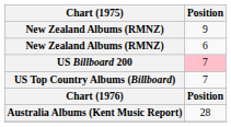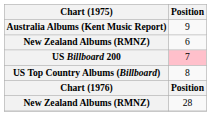 <table class="wikitable sortable plainrowheaders" style="text-align:center">
 <tr>
 <th>Chart (1975)</th>
 <th>Position</th>
 </tr>
 <tr>
-<th scope="row">New Zealand Albums (RMNZ)</th>
+<th scope="row">Australia Albums (Kent Music Report)</th>
 <td>9</td>
 </tr>
 <tr>
 <th scope="row">New Zealand Albums (RMNZ)</th>
 <td>6</td>
 </tr>
 <tr>
 <th scope="row">US <em>Billboard</em> 200</th>
 <td style="background: pink;">7</td>
 </tr>
 <tr>
 <th scope="row">US Top Country Albums (<em>Billboard</em>)</th>
-<td>7</td>
+<td>8</td>
 </tr>
 <tr>
 <th>Chart (1976)</th>
 <th>Position</th>
 </tr>
 <tr>
-<th scope="row">Australia Albums (Kent Music Report)</th>
+<th scope="row">New Zealand Albums (RMNZ)</th>
 <td>28</td>
 </tr>
 <tr>
 </tr>
 </table>
